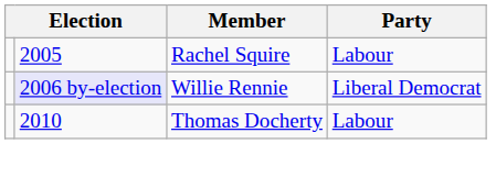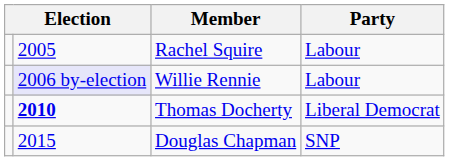 <table class="wikitable">
 <tr>
 <th colspan="2">Election</th>
 <th>Member</th>
 <th>Party</th>
 </tr>
 <tr>
 <td style="color:inherit;background-color: "></td>
 <td><a href='#'>2005</a></td>
 <td><a href='#'>Rachel Squire</a></td>
 <td><a href='#'>Labour</a></td>
 </tr>
 <tr>
 <td style="color:inherit;background-color: "></td>
 <td style="background: lavender;"><a href='#'>2006 by-election</a></td>
 <td><a href='#'>Willie Rennie</a></td>
+<td><a href='#'>Labour</a></td>
+</tr>
+<tr>
+<td style="color:inherit;background-color: "></td>
+<td><strong><a href='#'>2010</a></strong></td>
+<td><a href='#'>Thomas Docherty</a></td>
 <td><a href='#'>Liberal Democrat</a></td>
 </tr>
 <tr>
 <td style="color:inherit;background-color: "></td>
-<td><a href='#'>2010</a></td>
-<td><a href='#'>Thomas Docherty</a></td>
-<td><a href='#'>Labour</a></td>
+<td><a href='#'>2015</a></td>
+<td><a href='#'>Douglas Chapman</a></td>
+<td><a href='#'>SNP</a></td>
 </tr>
 </table>
